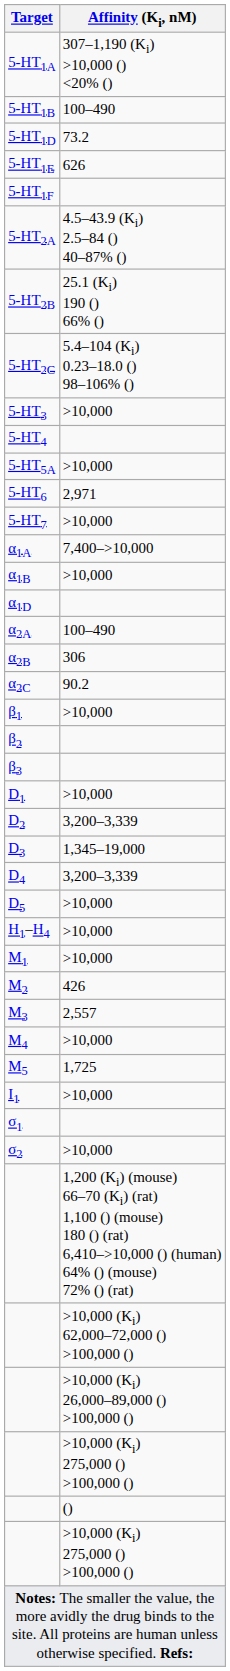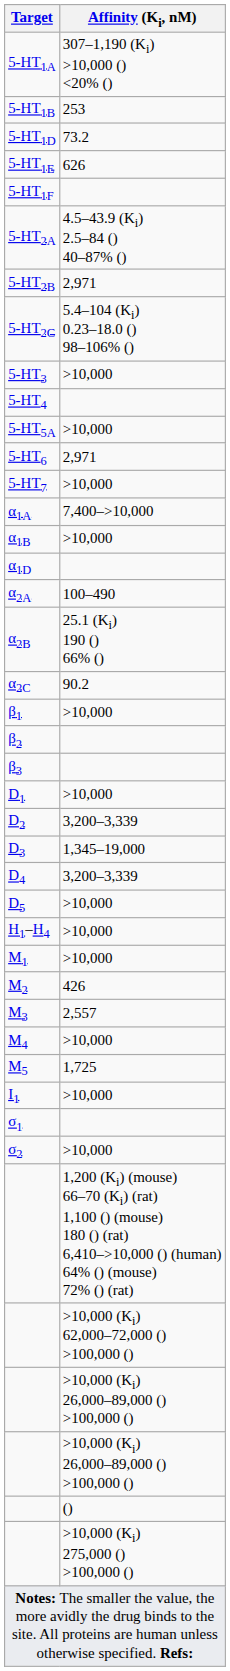 <table class="wikitable floatleft" style="font-size:small;">
 <tr>
 <th><a href='#'>Target</a></th>
 <th><a href='#'>Affinity</a> (K<sub>i</sub>, nM)</th>
 </tr>
 <tr>
 <td><a href='#'>5-HT<sub>1A</sub></a></td>
 <td>307–1,190 (K<sub>i</sub>)<br>>10,000 ()<br><20% ()</td>
 </tr>
 <tr>
 <td><a href='#'>5-HT<sub>1B</sub></a></td>
-<td>100–490</td>
+<td>253</td>
 </tr>
 <tr>
 <td><a href='#'>5-HT<sub>1D</sub></a></td>
 <td>73.2</td>
 </tr>
 <tr>
 <td><a href='#'>5-HT<sub>1E</sub></a></td>
 <td>626</td>
 </tr>
 <tr>
 <td><a href='#'>5-HT<sub>1F</sub></a></td>
 <td></td>
 </tr>
 <tr>
 <td><a href='#'>5-HT<sub>2A</sub></a></td>
 <td>4.5–43.9 (K<sub>i</sub>)<br>2.5–84 ()<br>40–87% ()</td>
 </tr>
 <tr>
 <td><a href='#'>5-HT<sub>2B</sub></a></td>
-<td>25.1 (K<sub>i</sub>)<br>190 ()<br>66% ()</td>
+<td>2,971</td>
 </tr>
 <tr>
 <td><a href='#'>5-HT<sub>2C</sub></a></td>
 <td>5.4–104 (K<sub>i</sub>)<br>0.23–18.0 ()<br>98–106% ()</td>
 </tr>
 <tr>
 <td><a href='#'>5-HT<sub>3</sub></a></td>
 <td>>10,000</td>
 </tr>
 <tr>
 <td><a href='#'>5-HT<sub>4</sub></a></td>
 <td></td>
 </tr>
 <tr>
 <td><a href='#'>5-HT<sub>5A</sub></a></td>
 <td>>10,000</td>
 </tr>
 <tr>
 <td><a href='#'>5-HT<sub>6</sub></a></td>
 <td>2,971</td>
 </tr>
 <tr>
 <td><a href='#'>5-HT<sub>7</sub></a></td>
 <td>>10,000</td>
 </tr>
 <tr>
 <td><a href='#'>α<sub>1A</sub></a></td>
 <td>7,400–>10,000</td>
 </tr>
 <tr>
 <td><a href='#'>α<sub>1B</sub></a></td>
 <td>>10,000</td>
 </tr>
 <tr>
 <td><a href='#'>α<sub>1D</sub></a></td>
 <td></td>
 </tr>
 <tr>
 <td><a href='#'>α<sub>2A</sub></a></td>
 <td>100–490</td>
 </tr>
 <tr>
 <td><a href='#'>α<sub>2B</sub></a></td>
-<td>306</td>
+<td>25.1 (K<sub>i</sub>)<br>190 ()<br>66% ()</td>
 </tr>
 <tr>
 <td><a href='#'>α<sub>2C</sub></a></td>
 <td>90.2</td>
 </tr>
 <tr>
 <td><a href='#'>β<sub>1</sub></a></td>
 <td>>10,000</td>
 </tr>
 <tr>
 <td><a href='#'>β<sub>2</sub></a></td>
 <td></td>
 </tr>
 <tr>
 <td><a href='#'>β<sub>3</sub></a></td>
 <td></td>
 </tr>
 <tr>
 <td><a href='#'>D<sub>1</sub></a></td>
 <td>>10,000</td>
 </tr>
 <tr>
 <td><a href='#'>D<sub>2</sub></a></td>
 <td>3,200–3,339</td>
 </tr>
 <tr>
 <td><a href='#'>D<sub>3</sub></a></td>
 <td>1,345–19,000</td>
 </tr>
 <tr>
 <td><a href='#'>D<sub>4</sub></a></td>
 <td>3,200–3,339</td>
 </tr>
 <tr>
 <td><a href='#'>D<sub>5</sub></a></td>
 <td>>10,000</td>
 </tr>
 <tr>
 <td><a href='#'>H<sub>1</sub></a>–<a href='#'>H<sub>4</sub></a></td>
 <td>>10,000</td>
 </tr>
 <tr>
 <td><a href='#'>M<sub>1</sub></a></td>
 <td>>10,000</td>
 </tr>
 <tr>
 <td><a href='#'>M<sub>2</sub></a></td>
 <td>426</td>
 </tr>
 <tr>
 <td><a href='#'>M<sub>3</sub></a></td>
 <td>2,557</td>
 </tr>
 <tr>
 <td><a href='#'>M<sub>4</sub></a></td>
 <td>>10,000</td>
 </tr>
 <tr>
 <td><a href='#'>M<sub>5</sub></a></td>
 <td>1,725</td>
 </tr>
 <tr>
 <td><a href='#'>I<sub>1</sub></a></td>
 <td>>10,000</td>
 </tr>
 <tr>
 <td><a href='#'>σ<sub>1</sub></a></td>
 <td></td>
 </tr>
 <tr>
 <td><a href='#'>σ<sub>2</sub></a></td>
 <td>>10,000</td>
 </tr>
 <tr>
 <td></td>
 <td>1,200 (K<sub>i</sub>) (mouse)<br>66–70 (K<sub>i</sub>) (rat)<br>1,100 () (mouse)<br>180 () (rat)<br>6,410–>10,000 () (human)<br>64% () (mouse)<br>72% () (rat)</td>
 </tr>
 <tr>
 <td></td>
 <td>>10,000 (K<sub>i</sub>)<br>62,000–72,000 ()<br>>100,000 ()</td>
 </tr>
 <tr>
 <td></td>
 <td>>10,000 (K<sub>i</sub>)<br>26,000–89,000 ()<br>>100,000 ()</td>
 </tr>
 <tr>
 <td></td>
-<td>>10,000 (K<sub>i</sub>)<br>275,000 ()<br>>100,000 ()</td>
+<td>>10,000 (K<sub>i</sub>)<br>26,000–89,000 ()<br>>100,000 ()</td>
 </tr>
 <tr>
 <td></td>
 <td> ()</td>
 </tr>
 <tr>
 <td></td>
 <td>>10,000 (K<sub>i</sub>)<br>275,000 ()<br>>100,000 ()</td>
 </tr>
 <tr class="sortbottom">
 <td colspan="2" style="width: 1px; background-color:#eaecf0; text-align: center;"><strong>Notes:</strong> The smaller the value, the more avidly the drug binds to the site. All proteins are human unless otherwise specified. <strong>Refs:</strong> </td>
 </tr>
 </table>
